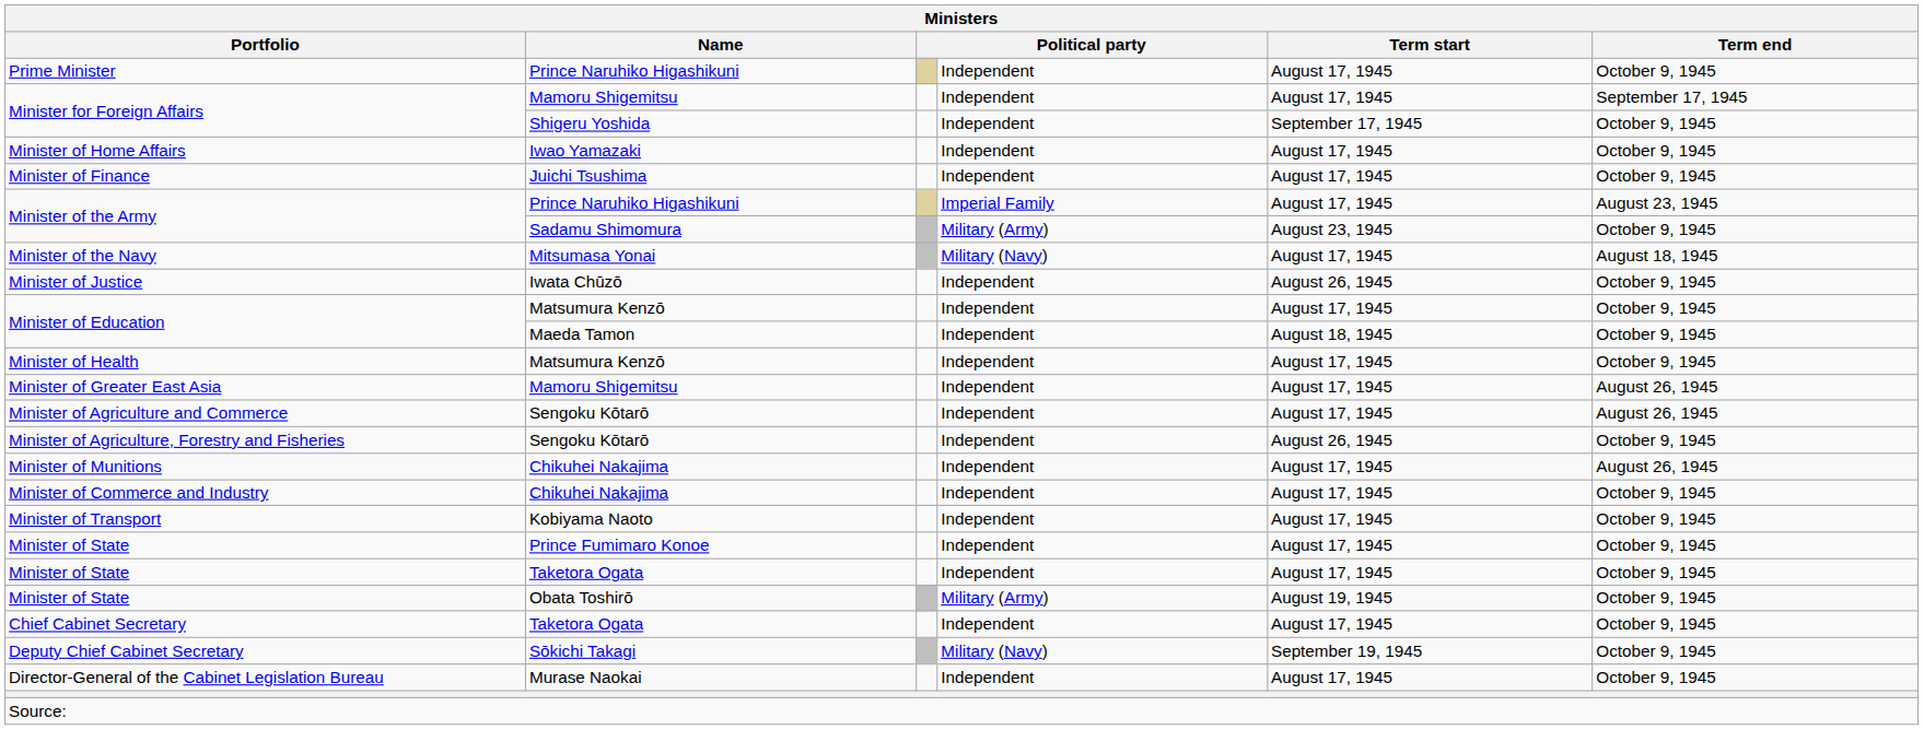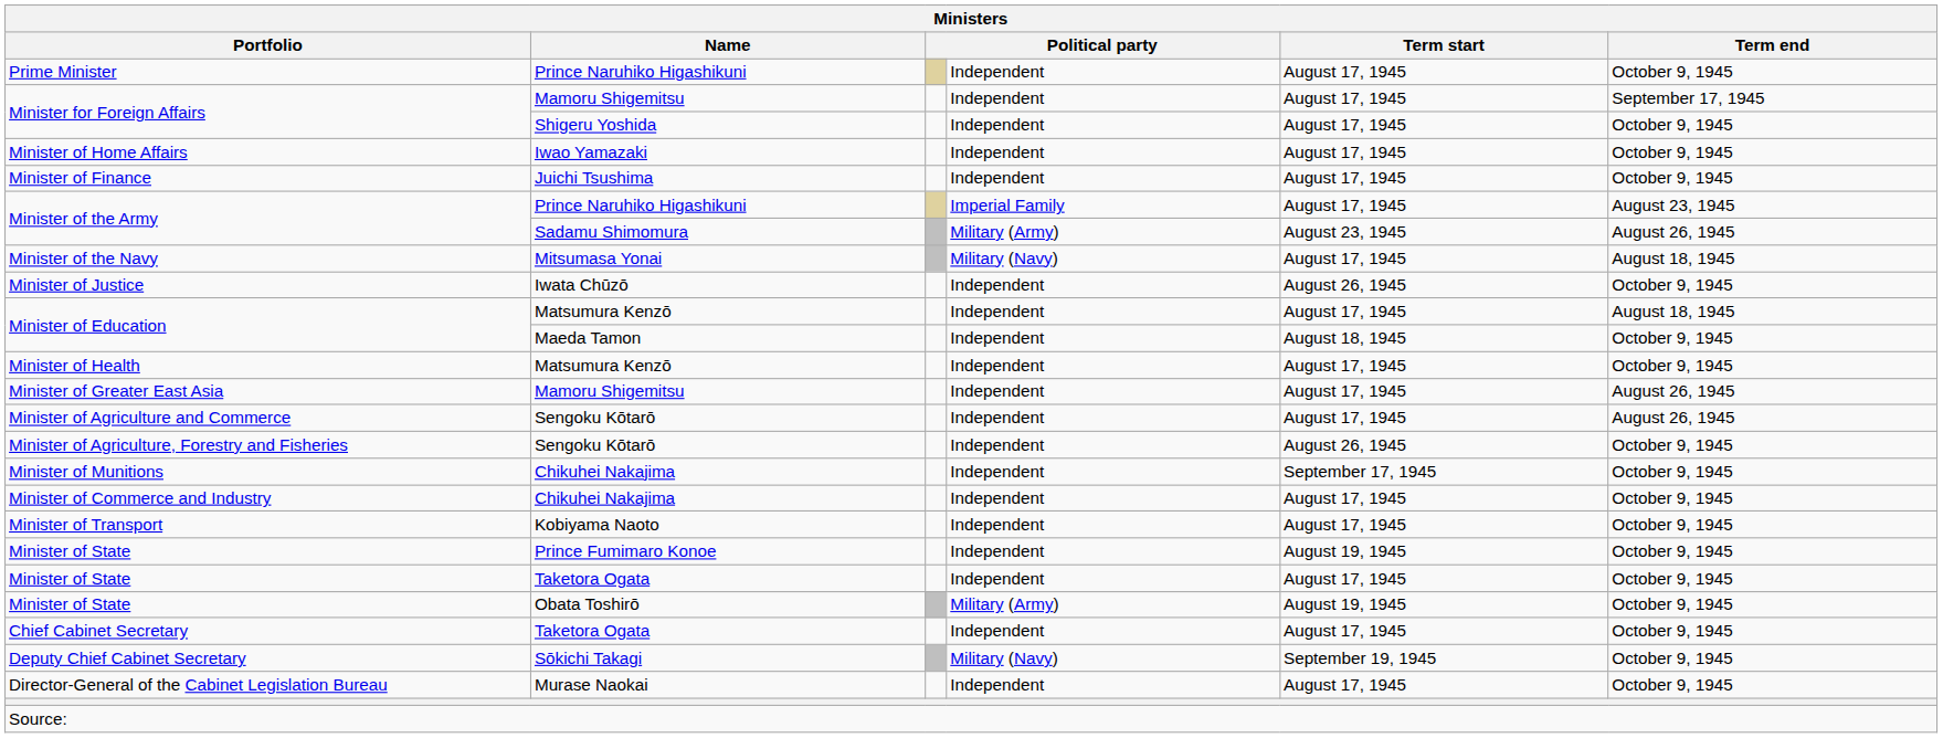 <table class="wikitable unsortable" style="font-size: 90%;">
 <tr>
 <th colspan="6">Ministers</th>
 </tr>
 <tr>
 <th scope="col" width="20%">Portfolio</th>
 <th scope="col" width="15%">Name</th>
 <th colspan="2" scope="col" width="13.5%">Political party</th>
 <th scope="col" width="12.5%">Term start</th>
 <th scope="col" width="12.5%">Term end</th>
 </tr>
 <tr>
 <td style="text-align: left;"><a href='#'>Prime Minister</a></td>
 <td><a href='#'>Prince Naruhiko Higashikuni</a></td>
 <td style="color:inherit;background:#dfd29f"></td>
 <td>Independent</td>
 <td>August 17, 1945</td>
 <td>October 9, 1945</td>
 </tr>
 <tr>
 <td rowspan="2"><a href='#'>Minister for Foreign Affairs</a></td>
 <td><a href='#'>Mamoru Shigemitsu</a></td>
 <td style="color:inherit;background:"></td>
 <td>Independent</td>
 <td>August 17, 1945</td>
 <td>September 17, 1945</td>
 </tr>
 <tr>
 <td><a href='#'>Shigeru Yoshida</a></td>
 <td style="color:inherit;background:"></td>
 <td>Independent</td>
-<td>September 17, 1945</td>
+<td>August 17, 1945</td>
 <td>October 9, 1945</td>
 </tr>
 <tr>
 <td><a href='#'>Minister of Home Affairs</a></td>
 <td><a href='#'>Iwao Yamazaki</a></td>
 <td style="color:inherit;background:"></td>
 <td>Independent</td>
 <td>August 17, 1945</td>
 <td>October 9, 1945</td>
 </tr>
 <tr>
 <td><a href='#'>Minister of Finance</a></td>
 <td><a href='#'>Juichi Tsushima</a></td>
 <td style="color:inherit;background:"></td>
 <td>Independent</td>
 <td>August 17, 1945</td>
 <td>October 9, 1945</td>
 </tr>
 <tr>
 <td rowspan="2"><a href='#'>Minister of the Army</a></td>
 <td><a href='#'>Prince Naruhiko Higashikuni</a></td>
 <td style="color:inherit;background:#dfd29f"></td>
 <td><a href='#'>Imperial Family</a></td>
 <td>August 17, 1945</td>
 <td>August 23, 1945</td>
 </tr>
 <tr>
 <td><a href='#'>Sadamu Shimomura</a></td>
 <td style="color:inherit;background:#bfbfbf"></td>
 <td><a href='#'>Military</a> (<a href='#'>Army</a>)</td>
 <td>August 23, 1945</td>
-<td>October 9, 1945</td>
+<td>August 26, 1945</td>
 </tr>
 <tr>
 <td><a href='#'>Minister of the Navy</a></td>
 <td><a href='#'>Mitsumasa Yonai</a></td>
 <td style="color:inherit;background:#bfbfbf"></td>
 <td><a href='#'>Military</a> (<a href='#'>Navy</a>)</td>
 <td>August 17, 1945</td>
 <td>August 18, 1945</td>
 </tr>
 <tr>
 <td><a href='#'>Minister of Justice</a></td>
 <td>Iwata Chūzō</td>
 <td style="color:inherit;background:"></td>
 <td>Independent</td>
 <td>August 26, 1945</td>
 <td>October 9, 1945</td>
 </tr>
 <tr>
 <td rowspan="2"><a href='#'>Minister of Education</a></td>
 <td>Matsumura Kenzō</td>
 <td style="color:inherit;background:"></td>
 <td>Independent</td>
 <td>August 17, 1945</td>
-<td>October 9, 1945</td>
+<td>August 18, 1945</td>
 </tr>
 <tr>
 <td>Maeda Tamon</td>
 <td style="color:inherit;background:"></td>
 <td>Independent</td>
 <td>August 18, 1945</td>
 <td>October 9, 1945</td>
 </tr>
 <tr>
 <td><a href='#'>Minister of Health</a></td>
 <td>Matsumura Kenzō</td>
 <td style="color:inherit;background:"></td>
 <td>Independent</td>
 <td>August 17, 1945</td>
 <td>October 9, 1945</td>
 </tr>
 <tr>
 <td><a href='#'>Minister of Greater East Asia</a></td>
 <td><a href='#'>Mamoru Shigemitsu</a></td>
 <td style="color:inherit;background:"></td>
 <td>Independent</td>
 <td>August 17, 1945</td>
 <td>August 26, 1945</td>
 </tr>
 <tr>
 <td><a href='#'>Minister of Agriculture and Commerce</a></td>
 <td>Sengoku Kōtarō</td>
 <td style="color:inherit;background:"></td>
 <td>Independent</td>
 <td>August 17, 1945</td>
 <td>August 26, 1945</td>
 </tr>
 <tr>
 <td><a href='#'>Minister of Agriculture, Forestry and Fisheries</a></td>
 <td>Sengoku Kōtarō</td>
 <td style="color:inherit;background:"></td>
 <td>Independent</td>
 <td>August 26, 1945</td>
 <td>October 9, 1945</td>
 </tr>
 <tr>
 <td><a href='#'>Minister of Munitions</a></td>
 <td><a href='#'>Chikuhei Nakajima</a></td>
 <td style="color:inherit;background:"></td>
 <td>Independent</td>
-<td>August 17, 1945</td>
-<td>August 26, 1945</td>
+<td>September 17, 1945</td>
+<td>October 9, 1945</td>
 </tr>
 <tr>
 <td><a href='#'>Minister of Commerce and Industry</a></td>
 <td><a href='#'>Chikuhei Nakajima</a></td>
 <td style="color:inherit;background:"></td>
 <td>Independent</td>
 <td>August 17, 1945</td>
 <td>October 9, 1945</td>
 </tr>
 <tr>
 <td><a href='#'>Minister of Transport</a></td>
 <td>Kobiyama Naoto</td>
 <td style="color:inherit;background:"></td>
 <td>Independent</td>
 <td>August 17, 1945</td>
 <td>October 9, 1945</td>
 </tr>
 <tr>
 <td><a href='#'>Minister of State</a></td>
 <td><a href='#'>Prince Fumimaro Konoe</a></td>
 <td style="color:inherit;background:"></td>
 <td>Independent</td>
-<td>August 17, 1945</td>
+<td>August 19, 1945</td>
 <td>October 9, 1945</td>
 </tr>
 <tr>
 <td><a href='#'>Minister of State</a></td>
 <td><a href='#'>Taketora Ogata</a></td>
 <td style="color:inherit;background:"></td>
 <td>Independent</td>
 <td>August 17, 1945</td>
 <td>October 9, 1945</td>
 </tr>
 <tr>
 <td><a href='#'>Minister of State</a></td>
 <td>Obata Toshirō</td>
 <td style="color:inherit;background:#bfbfbf"></td>
 <td><a href='#'>Military</a> (<a href='#'>Army</a>)</td>
 <td>August 19, 1945</td>
 <td>October 9, 1945</td>
 </tr>
 <tr>
 <td><a href='#'>Chief Cabinet Secretary</a></td>
 <td><a href='#'>Taketora Ogata</a></td>
 <td style="color:inherit;background:"></td>
 <td>Independent</td>
 <td>August 17, 1945</td>
 <td>October 9, 1945</td>
 </tr>
 <tr>
 <td><a href='#'>Deputy Chief Cabinet Secretary</a></td>
 <td><a href='#'>Sōkichi Takagi</a></td>
 <td style="color:inherit;background:#bfbfbf"></td>
 <td><a href='#'>Military</a> (<a href='#'>Navy</a>)</td>
 <td>September 19, 1945</td>
 <td>October 9, 1945</td>
 </tr>
 <tr>
 <td>Director-General of the <a href='#'>Cabinet Legislation Bureau</a></td>
 <td>Murase Naokai</td>
 <td style="color:inherit;background:"></td>
 <td>Independent</td>
 <td>August 17, 1945</td>
 <td>October 9, 1945</td>
 </tr>
 <tr>
 <th colspan="6"></th>
 </tr>
 <tr>
 <td colspan="6">Source:</td>
 </tr>
 </table>
